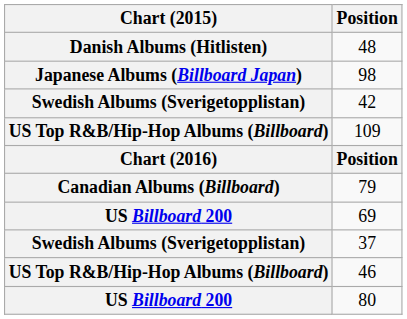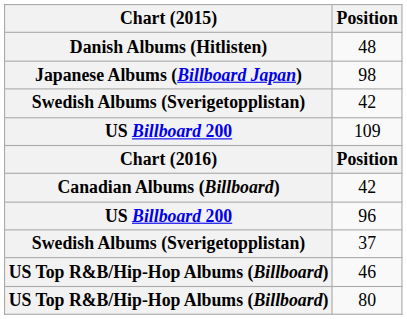 <table class="wikitable sortable plainrowheaders" style="text-align:center">
 <tr>
 <th scope="col">Chart (2015)</th>
 <th scope="col">Position</th>
 </tr>
 <tr>
 <th scope="row">Danish Albums (Hitlisten)</th>
 <td>48</td>
 </tr>
 <tr>
 <th scope="row">Japanese Albums (<em><a href='#'>Billboard Japan</a></em>)</th>
 <td>98</td>
 </tr>
 <tr>
 <th scope="row">Swedish Albums (Sverigetopplistan)</th>
 <td>42</td>
 </tr>
 <tr>
-<th scope="row">US Top R&B/Hip-Hop Albums (<em>Billboard</em>)</th>
+<th scope="row">US <a href='#'><em>Billboard</em> 200</a></th>
 <td>109</td>
 </tr>
 <tr>
 <th scope="col">Chart (2016)</th>
 <th scope="col">Position</th>
 </tr>
 <tr>
 <th scope="row">Canadian Albums (<em>Billboard</em>)</th>
-<td>79</td>
+<td>42</td>
 </tr>
 <tr>
 <th scope="row">US <a href='#'><em>Billboard</em> 200</a></th>
-<td>69</td>
+<td>96</td>
 </tr>
 <tr>
 <th scope="row">Swedish Albums (Sverigetopplistan)</th>
 <td>37</td>
 </tr>
 <tr>
 <th scope="row">US Top R&B/Hip-Hop Albums (<em>Billboard</em>)</th>
 <td>46</td>
 </tr>
 <tr>
-<th scope="row">US <a href='#'><em>Billboard</em> 200</a></th>
+<th scope="row">US Top R&B/Hip-Hop Albums (<em>Billboard</em>)</th>
 <td>80</td>
 </tr>
 </table>
